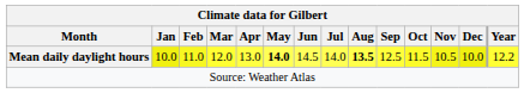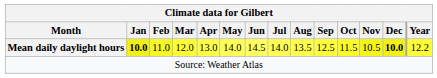 <table style="width:auto;text-align:center;line-height:1.2em;margin-left:auto;margin-right:auto" class="wikitable mw-collapsible">
 <tr>
 <th Colspan=14>Climate data for Gilbert</th>
 </tr>
 <tr>
 <th>Month</th>
 <th>Jan</th>
 <th>Feb</th>
 <th>Mar</th>
 <th>Apr</th>
 <th>May</th>
 <th>Jun</th>
 <th>Jul</th>
 <th>Aug</th>
 <th>Sep</th>
 <th>Oct</th>
 <th>Nov</th>
 <th>Dec</th>
 <th style="border-left-width:medium">Year</th>
 </tr>
 <tr>
 <th>Mean daily daylight hours</th>
-<td style="background:#F0F011;color:#000000;">10.0</td>
+<td style="background:#F0F011;color:#000000;"><strong>10.0</strong></td>
 <td style="background:#F7F722;color:#000000;">11.0</td>
 <td style="background:#FFFF33;color:#000000;">12.0</td>
 <td style="background:#FFFF44;color:#000000;">13.0</td>
-<td style="background:#FFFF55;color:#000000;"><strong>14.0</strong></td>
+<td style="background:#FFFF55;color:#000000;">14.0</td>
 <td style="background:#FFFF5D;color:#000000;">14.5</td>
 <td style="background:#FFFF55;color:#000000;">14.0</td>
-<td style="background:#FFFF4C;color:#000000;"><strong>13.5</strong></td>
+<td style="background:#FFFF4C;color:#000000;">13.5</td>
 <td style="background:#FFFF3B;color:#000000;">12.5</td>
 <td style="background:#FBFB2A;color:#000000;">11.5</td>
 <td style="background:#F4F419;color:#000000;">10.5</td>
-<td style="background:#F0F011;color:#000000;">10.0</td>
+<td style="background:#F0F011;color:#000000;"><strong>10.0</strong></td>
 <td style="background:#FFFF36;color:#000000;border-left-width:medium">12.2</td>
 </tr>
 <tr>
 <th Colspan=14 style="background:#f8f9fa;font-weight:normal;font-size:95%;">Source: Weather Atlas</th>
 </tr>
 </table>
